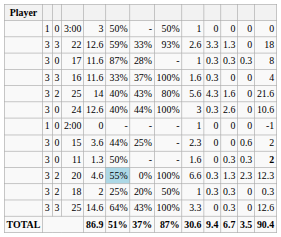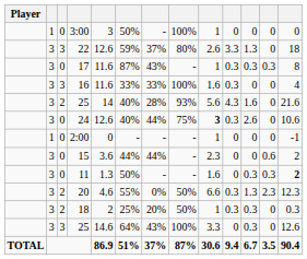 <table class="wikitable sortable" style="font-size:95%; text-align:right">
 <tr>
 <th>Player</th>
 <th></th>
 <th></th>
 <th></th>
 <th></th>
 <th></th>
 <th></th>
 <th></th>
 <th></th>
 <th></th>
 <th></th>
 <th></th>
 <th></th>
 </tr>
 <tr>
 <td><strong></strong></td>
 <td>1</td>
 <td>0</td>
 <td>3:00</td>
 <td>3</td>
 <td>50%</td>
 <td>-</td>
-<td>50%</td>
+<td>100%</td>
 <td>1</td>
 <td>0</td>
 <td>0</td>
 <td>0</td>
 <td>0</td>
 </tr>
 <tr>
 <td><strong></strong></td>
 <td>3</td>
 <td>3</td>
 <td>22</td>
 <td>12.6</td>
 <td>59%</td>
-<td>33%</td>
-<td>93%</td>
+<td>37%</td>
+<td>80%</td>
 <td>2.6</td>
 <td>3.3</td>
 <td>1.3</td>
 <td>0</td>
 <td>18</td>
 </tr>
 <tr>
 <td><strong></strong></td>
 <td>3</td>
 <td>0</td>
 <td>17</td>
 <td>11.6</td>
 <td>87%</td>
-<td>28%</td>
+<td>43%</td>
 <td>-</td>
 <td>1</td>
 <td>0.3</td>
 <td>0.3</td>
 <td>0.3</td>
 <td>8</td>
 </tr>
 <tr>
 <td><strong></strong></td>
 <td>3</td>
 <td>3</td>
 <td>16</td>
 <td>11.6</td>
 <td>33%</td>
-<td>37%</td>
+<td>33%</td>
 <td>100%</td>
 <td>1.6</td>
 <td>0.3</td>
 <td>0</td>
 <td>0</td>
 <td>4</td>
 </tr>
 <tr>
 <td><strong></strong></td>
 <td>3</td>
 <td>2</td>
 <td>25</td>
 <td>14</td>
 <td>40%</td>
-<td>43%</td>
-<td>80%</td>
+<td>28%</td>
+<td>93%</td>
 <td>5.6</td>
 <td>4.3</td>
 <td>1.6</td>
 <td>0</td>
 <td>21.6</td>
 </tr>
 <tr>
 <td><strong></strong></td>
 <td>3</td>
 <td>0</td>
 <td>24</td>
 <td>12.6</td>
 <td>40%</td>
 <td>44%</td>
-<td>100%</td>
-<td>3</td>
+<td>75%</td>
+<td><strong>3</strong></td>
 <td>0.3</td>
 <td>2.6</td>
 <td>0</td>
 <td>10.6</td>
 </tr>
 <tr>
 <td><strong></strong></td>
 <td>1</td>
 <td>0</td>
 <td>2:00</td>
 <td>0</td>
 <td>-</td>
 <td>-</td>
 <td>-</td>
 <td>1</td>
 <td>0</td>
 <td>0</td>
 <td>0</td>
 <td>-1</td>
 </tr>
 <tr>
 <td><strong></strong></td>
 <td>3</td>
 <td>0</td>
 <td>15</td>
 <td>3.6</td>
 <td>44%</td>
-<td>25%</td>
+<td>44%</td>
 <td>-</td>
 <td>2.3</td>
 <td>0</td>
 <td>0</td>
 <td>0.6</td>
 <td>2</td>
 </tr>
 <tr>
 <td><strong></strong></td>
 <td>3</td>
 <td>0</td>
 <td>11</td>
 <td>1.3</td>
 <td>50%</td>
 <td>-</td>
 <td>-</td>
 <td>1.6</td>
 <td>0</td>
 <td>0.3</td>
 <td>0.3</td>
 <td><strong>2</strong></td>
 </tr>
 <tr>
 <td><strong></strong></td>
 <td>3</td>
 <td>2</td>
 <td>20</td>
 <td>4.6</td>
-<td style="background: lightblue;">55%</td>
+<td>55%</td>
 <td>0%</td>
-<td>100%</td>
+<td>50%</td>
 <td>6.6</td>
 <td>0.3</td>
 <td>1.3</td>
 <td>2.3</td>
 <td>12.3</td>
 </tr>
 <tr>
 <td><strong></strong></td>
 <td>3</td>
 <td>2</td>
 <td>18</td>
 <td>2</td>
 <td>25%</td>
 <td>20%</td>
 <td>50%</td>
 <td>1</td>
 <td>0.3</td>
 <td>0.3</td>
 <td>0</td>
 <td>0.3</td>
 </tr>
 <tr>
 <td><strong></strong></td>
 <td>3</td>
 <td>3</td>
 <td>25</td>
 <td>14.6</td>
 <td>64%</td>
 <td>43%</td>
 <td>100%</td>
 <td>3.3</td>
 <td>0</td>
 <td>0.3</td>
 <td>0</td>
 <td>12.6</td>
 </tr>
 <tr>
 <td align=center><strong>TOTAL</strong></td>
 <td colspan=3></td>
 <td><strong>86.9</strong></td>
 <td><strong>51%</strong></td>
 <td><strong>37%</strong></td>
 <td><strong>87%</strong></td>
 <td><strong>30.6</strong></td>
 <td><strong>9.4</strong></td>
 <td><strong>6.7</strong></td>
 <td><strong>3.5</strong></td>
 <td><strong>90.4</strong></td>
 </tr>
 </table>
